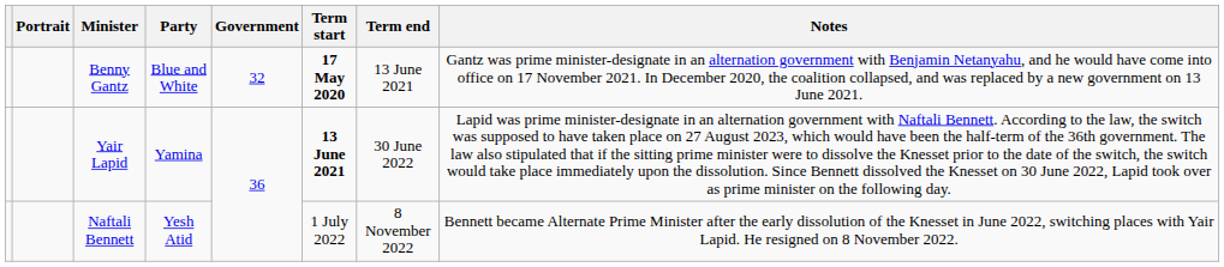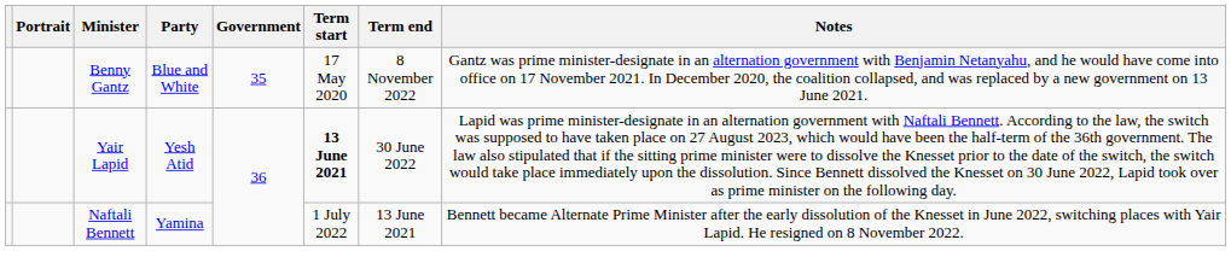 <table class=wikitable style=text-align:center>
 <tr>
 <th></th>
 <th>Portrait</th>
 <th>Minister</th>
 <th>Party</th>
 <th>Government</th>
 <th>Term start</th>
 <th>Term end</th>
 <th>Notes</th>
 </tr>
 <tr>
 <td style="background:"></td>
 <td></td>
 <td align=center><a href='#'>Benny Gantz</a></td>
 <td align=center><a href='#'>Blue and White</a><br></td>
-<td><a href='#'>32</a></td>
-<td><strong>17 May 2020</strong></td>
-<td>13 June 2021</td>
+<td><a href='#'>35</a></td>
+<td>17 May 2020</td>
+<td>8 November 2022</td>
 <td>Gantz was prime minister-designate in an <a href='#'>alternation government</a> with <a href='#'>Benjamin Netanyahu</a>, and he would have come into office on 17 November 2021. In December 2020, the coalition collapsed, and was replaced by a new government on 13 June 2021.</td>
 </tr>
 <tr>
 <td style="background:"></td>
 <td></td>
 <td align=center><a href='#'>Yair Lapid</a></td>
-<td align=center><a href='#'>Yamina</a><br></td>
+<td align=center><a href='#'>Yesh Atid</a></td>
 <td rowspan=2><a href='#'>36</a></td>
 <td><strong>13 June 2021</strong></td>
 <td>30 June 2022</td>
 <td>Lapid was prime minister-designate in an alternation government with <a href='#'>Naftali Bennett</a>. According to the law, the switch was supposed to have taken place on 27 August 2023, which would have been the half-term of the 36th government. The law also stipulated that if the sitting prime minister were to dissolve the Knesset prior to the date of the switch, the switch would take place immediately upon the dissolution. Since Bennett dissolved the Knesset on 30 June 2022, Lapid took over as prime minister on the following day.</td>
 </tr>
 <tr>
 <td style="background:"></td>
 <td></td>
 <td align=center><a href='#'>Naftali Bennett</a></td>
-<td align=center><a href='#'>Yesh Atid</a></td>
+<td align=center><a href='#'>Yamina</a><br></td>
 <td>1 July 2022</td>
-<td>8 November 2022</td>
+<td>13 June 2021</td>
 <td>Bennett became Alternate Prime Minister after the early dissolution of the Knesset in June 2022, switching places with Yair Lapid. He resigned on 8 November 2022.</td>
 </tr>
 </table>
